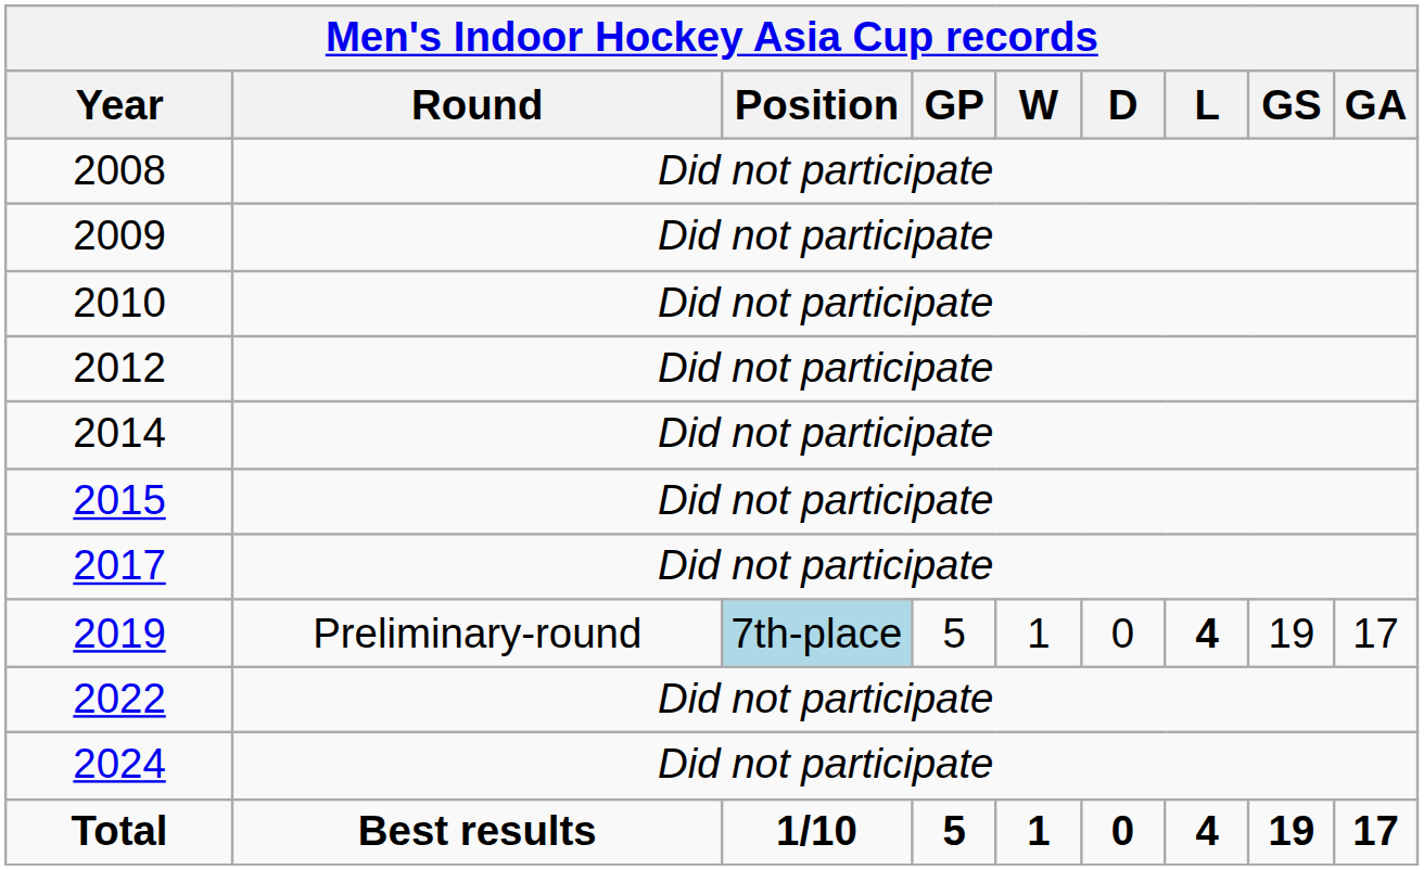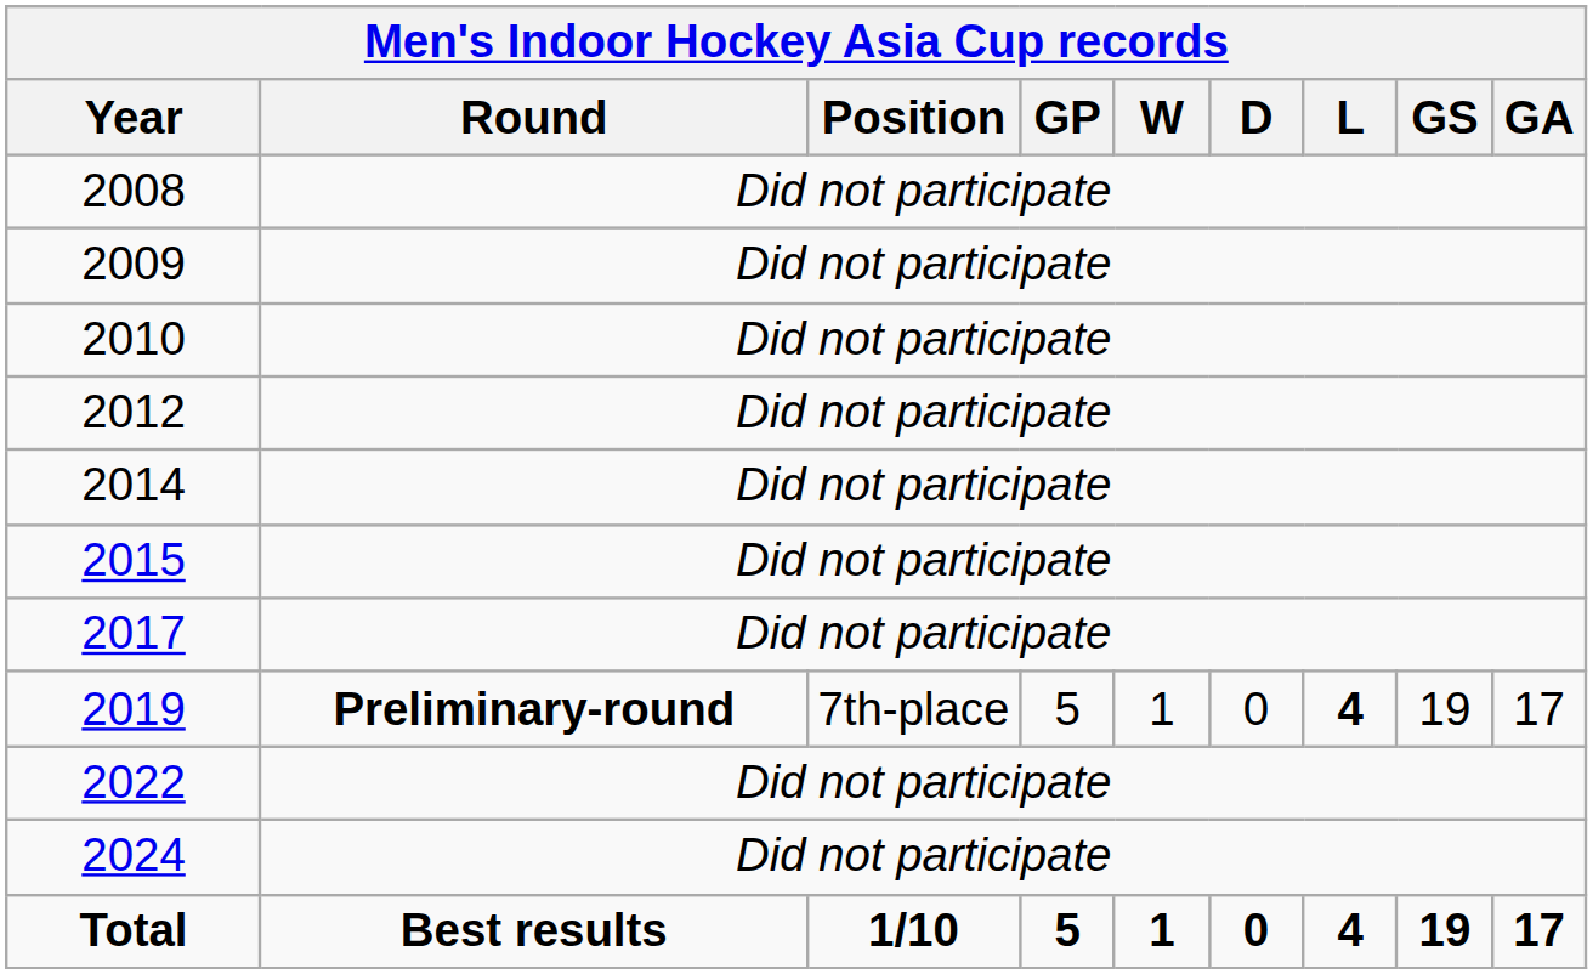 <table class="wikitable" style="text-align: center">
 <tr>
 <th colspan=9><a href='#'>Men's Indoor Hockey Asia Cup records</a></th>
 </tr>
 <tr>
 <th width=80>Year</th>
 <th width=180>Round</th>
 <th>Position</th>
 <th width=25>GP</th>
 <th width=25>W</th>
 <th width=25>D</th>
 <th width=25>L</th>
 <th width=25>GS</th>
 <th width=25>GA</th>
 </tr>
 <tr>
 <td> 2008</td>
 <td colspan=8><em>Did not participate</em></td>
 </tr>
 <tr>
 <td> 2009</td>
 <td colspan=8><em>Did not participate</em></td>
 </tr>
 <tr>
 <td> 2010</td>
 <td colspan=8><em>Did not participate</em></td>
 </tr>
 <tr>
 <td> 2012</td>
 <td colspan=8><em>Did not participate</em></td>
 </tr>
 <tr>
 <td> 2014</td>
 <td colspan=8><em>Did not participate</em></td>
 </tr>
 <tr>
 <td> <a href='#'>2015</a></td>
 <td colspan=8><em>Did not participate</em></td>
 </tr>
 <tr>
 <td> <a href='#'>2017</a></td>
 <td colspan=8><em>Did not participate</em></td>
 </tr>
 <tr>
 <td> <a href='#'>2019</a></td>
-<td>Preliminary-round</td>
-<td style="background: lightblue;">7th-place</td>
+<td><strong>Preliminary-round</strong></td>
+<td>7th-place</td>
 <td>5</td>
 <td>1</td>
 <td>0</td>
 <td><strong>4</strong></td>
 <td>19</td>
 <td>17</td>
 </tr>
 <tr>
 <td> <a href='#'>2022</a></td>
 <td colspan=8><em>Did not participate</em></td>
 </tr>
 <tr>
 <td> <a href='#'>2024</a></td>
 <td colspan=8><em>Did not participate</em></td>
 </tr>
 <tr>
 <td><strong>Total</strong></td>
 <td><strong>Best results</strong></td>
 <td><strong>1/10</strong></td>
 <td><strong>5</strong></td>
 <td><strong>1</strong></td>
 <td><strong>0</strong></td>
 <td><strong>4</strong></td>
 <td><strong>19</strong></td>
 <td><strong>17</strong></td>
 </tr>
 </table>
